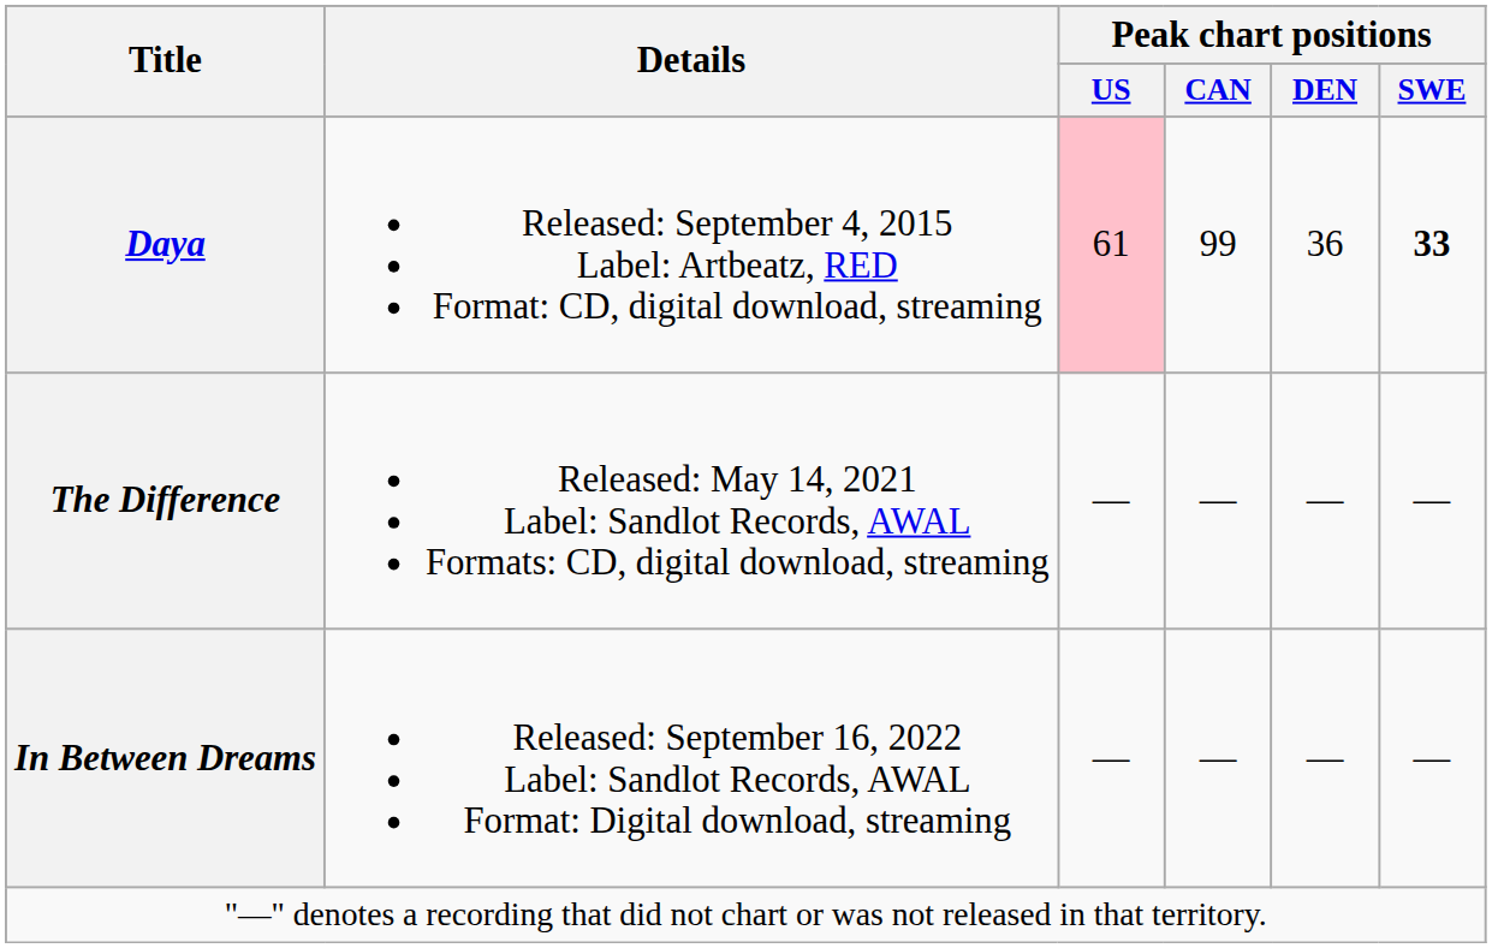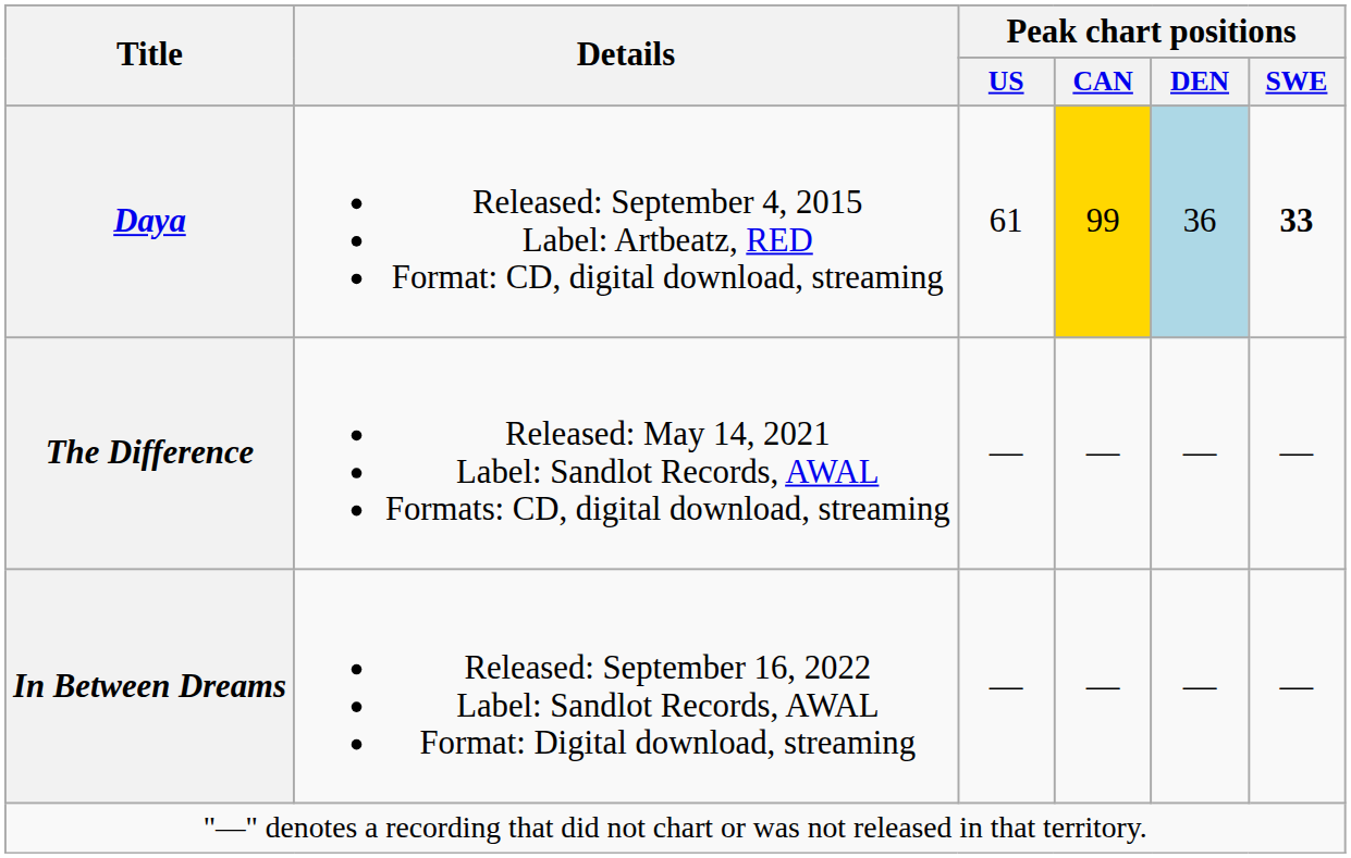 <table class="wikitable plainrowheaders" style="text-align:center">
 <tr>
 <th scope="col" rowspan="2">Title</th>
 <th scope="col" rowspan="2">Details</th>
 <th scope="col" colspan="4">Peak chart positions</th>
 </tr>
 <tr style="font-size:smaller;">
 <th scope="col" style="width:3em;"><a href='#'>US</a><br></th>
 <th scope="col" style="width:3em;"><a href='#'>CAN</a><br></th>
 <th scope="col" style="width:3em;"><a href='#'>DEN</a><br></th>
 <th scope="col" style="width:3em;"><a href='#'>SWE</a><br></th>
 </tr>
 <tr>
 <th scope="row"><em><a href='#'>Daya</a></em></th>
 <td><br><ul><li>Released: September 4, 2015</li><li>Label: Artbeatz, <a href='#'>RED</a></li><li>Format: CD, digital download, streaming</li></ul></td>
-<td style="background: pink;">61</td>
-<td>99</td>
-<td>36</td>
+<td>61</td>
+<td style="background: gold;">99</td>
+<td style="background: lightblue;">36</td>
 <td><strong>33</strong></td>
 </tr>
 <tr>
 <th scope="row"><em>The Difference</em></th>
 <td><br><ul><li>Released: May 14, 2021</li><li>Label: Sandlot Records, <a href='#'>AWAL</a></li><li>Formats: CD, digital download, streaming</li></ul></td>
 <td>—</td>
 <td>—</td>
 <td>—</td>
 <td>—</td>
 </tr>
 <tr>
 <th scope="row"><em>In Between Dreams</em></th>
 <td><br><ul><li>Released: September 16, 2022</li><li>Label: Sandlot Records, AWAL</li><li>Format: Digital download, streaming</li></ul></td>
 <td>—</td>
 <td>—</td>
 <td>—</td>
 <td>—</td>
 </tr>
 <tr>
 <td colspan="15" style="font-size:90%">"—" denotes a recording that did not chart or was not released in that territory.</td>
 </tr>
 </table>
